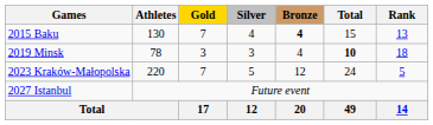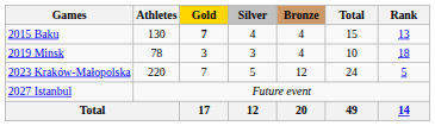 <table class="wikitable" style="text-align:center; font-size:90%;">
 <tr>
 <th>Games</th>
 <th>Athletes</th>
 <td style="background:gold; width:3.7em; font-weight:bold;">Gold</td>
 <td style="background:silver; width:3.7em; font-weight:bold;">Silver</td>
 <td style="background:#cc9966; width:3.7em; font-weight:bold;">Bronze</td>
 <th style="width:4em; font-weight:bold;">Total</th>
 <th style="width:4em; font-weight:bold;">Rank</th>
 </tr>
 <tr>
 <td align=left> <a href='#'>2015 Baku</a></td>
 <td>130</td>
-<td>7</td>
+<td><strong>7</strong></td>
 <td>4</td>
-<td><strong>4</strong></td>
+<td>4</td>
 <td>15</td>
 <td><a href='#'>13</a></td>
 </tr>
 <tr>
 <td align=left> <a href='#'>2019 Minsk</a></td>
 <td>78</td>
 <td>3</td>
 <td>3</td>
 <td>4</td>
-<td><strong>10</strong></td>
+<td>10</td>
 <td><a href='#'>18</a></td>
 </tr>
 <tr>
 <td align=left> <a href='#'>2023 Kraków-Małopolska</a></td>
 <td>220</td>
 <td>7</td>
 <td>5</td>
 <td>12</td>
 <td>24</td>
 <td><a href='#'>5</a></td>
 </tr>
 <tr>
 <td align=left> <a href='#'>2027 Istanbul</a></td>
 <td colspan=6><em>Future event</em></td>
 </tr>
 <tr>
 <th colspan=2>Total</th>
 <th>17</th>
 <th>12</th>
 <th>20</th>
 <th>49</th>
 <th><a href='#'>14</a></th>
 </tr>
 </table>
